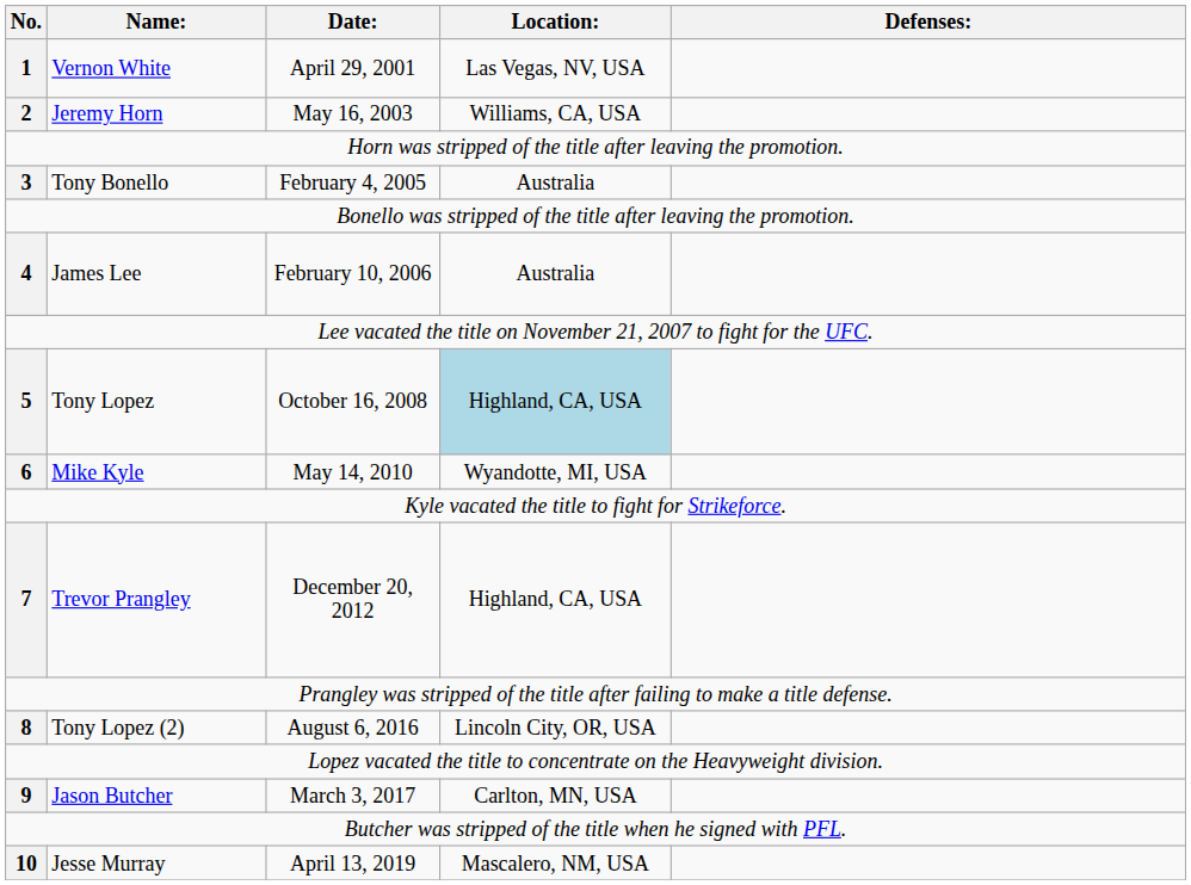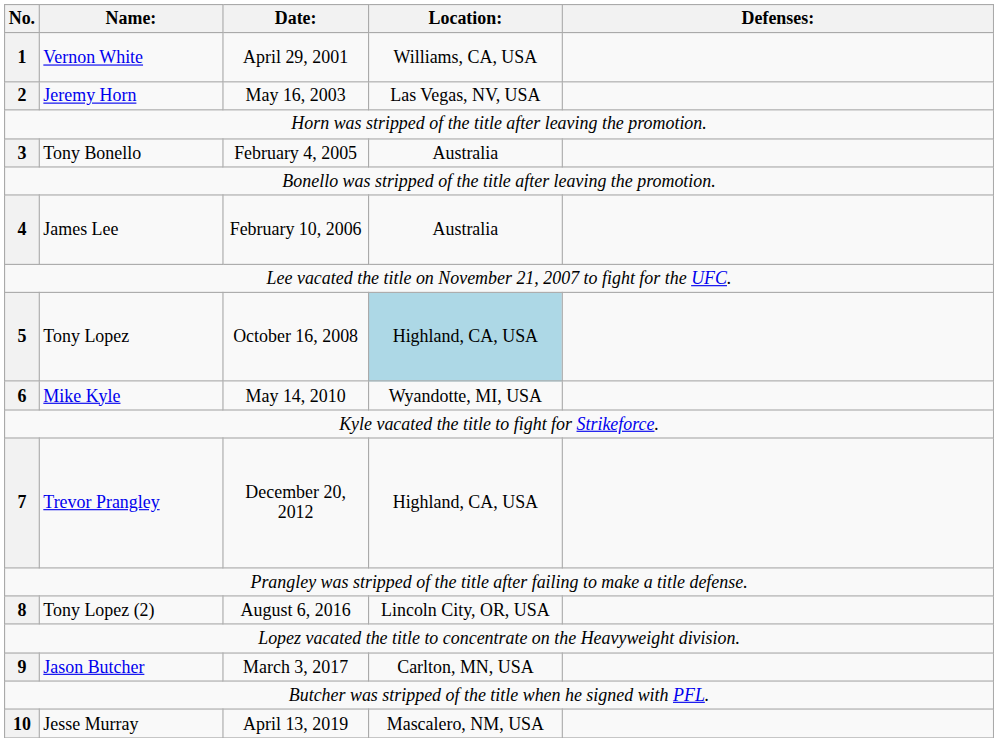 <table class="wikitable" width=100%>
 <tr>
 <th width=1%>No.</th>
 <th width=19%>Name:</th>
 <th width=15%>Date:</th>
 <th width=20%>Location:</th>
 <th width=45%>Defenses:</th>
 </tr>
 <tr>
 <th>1</th>
 <td align=left> <a href='#'>Vernon White</a><br></td>
 <td align=center>April 29, 2001<br></td>
-<td align=center>Las Vegas, NV, USA</td>
+<td align=center>Williams, CA, USA</td>
 <td><br><br> </td>
 </tr>
 <tr>
 <th>2</th>
 <td align=left> <a href='#'>Jeremy Horn</a></td>
 <td align=center>May 16, 2003<br></td>
-<td align=center>Williams, CA, USA</td>
+<td align=center>Las Vegas, NV, USA</td>
 <td><br></td>
 </tr>
 <tr>
 <td align="center" colspan="5"><em>Horn was stripped of the title after leaving the promotion.</em></td>
 </tr>
 <tr>
 <th>3</th>
 <td align=left> Tony Bonello<br></td>
 <td align=center>February 4, 2005<br></td>
 <td align=center>Australia</td>
 <td></td>
 </tr>
 <tr>
 <td align="center" colspan="5"><em>Bonello was stripped of the title after leaving the promotion.</em></td>
 </tr>
 <tr>
 <th>4</th>
 <td align=left> James Lee<br></td>
 <td align=center>February 10, 2006<br></td>
 <td align=center>Australia</td>
 <td><br><br> <br> </td>
 </tr>
 <tr>
 <td align="center" colspan="5"><em>Lee vacated the title on November 21, 2007 to fight for the <a href='#'>UFC</a>.</em></td>
 </tr>
 <tr>
 <th>5</th>
 <td align=left> Tony Lopez<br></td>
 <td align=center>October 16, 2008<br></td>
 <td align=center style="background: lightblue;">Highland, CA, USA</td>
 <td><br><br> <br> <br> </td>
 </tr>
 <tr>
 <th>6</th>
 <td align=left> <a href='#'>Mike Kyle</a></td>
 <td align=center>May 14, 2010<br></td>
 <td align=center>Wyandotte, MI, USA</td>
 <td></td>
 </tr>
 <tr>
 <td align="center" colspan="5"><em>Kyle vacated the title to fight for <a href='#'>Strikeforce</a>.</em></td>
 </tr>
 <tr>
 <th>7</th>
 <td align=left> <a href='#'>Trevor Prangley</a><br></td>
 <td align=center>December 20, 2012<br></td>
 <td align=center>Highland, CA, USA</td>
 <td><br><br> <br> <br> <br> <br> </td>
 </tr>
 <tr>
 <td align="center" colspan="5"><em>Prangley was stripped of the title after failing to make a title defense.</em></td>
 </tr>
 <tr>
 <th>8</th>
 <td align=left> Tony Lopez (2)<br></td>
 <td align=center>August 6, 2016<br></td>
 <td align=center>Lincoln City, OR, USA</td>
 <td></td>
 </tr>
 <tr>
 <td align="center" colspan="5"><em>Lopez vacated the title to concentrate on the Heavyweight division.</em></td>
 </tr>
 <tr>
 <th>9</th>
 <td align=left> <a href='#'>Jason Butcher</a><br></td>
 <td align=center>March 3, 2017<br></td>
 <td align=center>Carlton, MN, USA</td>
 <td></td>
 </tr>
 <tr>
 <td align="center" colspan="5"><em>Butcher was stripped of the title when he signed with <a href='#'>PFL</a>.</em></td>
 </tr>
 <tr>
 <th>10</th>
 <td align=left> Jesse Murray<br></td>
 <td align=center>April 13, 2019<br></td>
 <td align=center>Mascalero, NM, USA</td>
 <td></td>
 </tr>
 <tr>
 </tr>
 </table>
